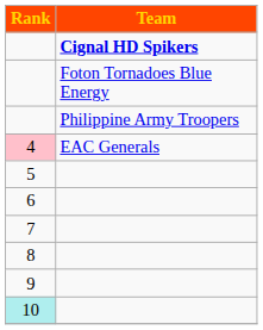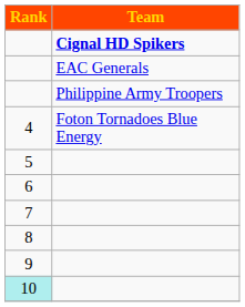 <table class="wikitable" style="text-align: center;">
 <tr>
 <th width=40 style="background:#FF4500; color:#FFD700;">Rank</th>
 <th width=180 style="background:#FF4500; color:#FFD700;">Team</th>
 </tr>
 <tr>
 <td></td>
 <td align="left"><strong><a href='#'>Cignal HD Spikers</a></strong></td>
 </tr>
 <tr>
 <td></td>
-<td align="left"><a href='#'>Foton Tornadoes Blue Energy</a></td>
+<td align="left"><a href='#'>EAC Generals</a></td>
 </tr>
 <tr>
 <td></td>
 <td align="left"><a href='#'>Philippine Army Troopers</a></td>
 </tr>
 <tr>
-<td style="background: pink;">4</td>
-<td align="left"><a href='#'>EAC Generals</a></td>
+<td>4</td>
+<td align="left"><a href='#'>Foton Tornadoes Blue Energy</a></td>
 </tr>
 <tr>
 <td>5</td>
 <td align="left"></td>
 </tr>
 <tr>
 <td>6</td>
 <td align="left"></td>
 </tr>
 <tr>
 <td>7</td>
 <td align="left"></td>
 </tr>
 <tr>
 <td>8</td>
 <td align="left"></td>
 </tr>
 <tr>
 <td>9</td>
 <td align="left"></td>
 </tr>
 <tr>
 <td style="background: paleturquoise;">10</td>
 <td align="left"></td>
 </tr>
 <tr>
 </tr>
 </table>
